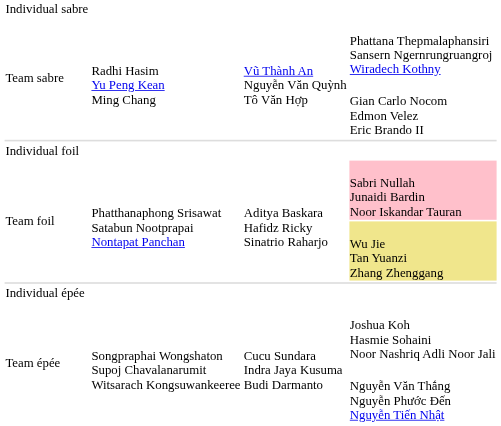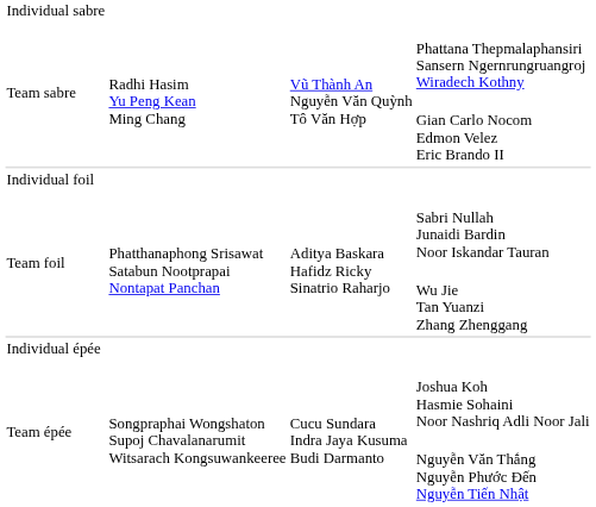 <table>
 <tr>
 <td rowspan=2>Individual sabre</td>
 <td rowspan=2></td>
 <td rowspan=2></td>
 <td></td>
 </tr>
 <tr>
 <td></td>
 </tr>
 <tr>
 <td rowspan=2>Team sabre</td>
 <td rowspan=2><br>Radhi Hasim<br><a href='#'>Yu Peng Kean</a><br>Ming Chang</td>
 <td rowspan=2> <br><a href='#'>Vũ Thành An</a><br>Nguyễn Văn Quỳnh<br>Tô Văn Hợp</td>
 <td nowrap=true><br>Phattana Thepmalaphansiri<br>Sansern Ngernrungruangroj<br><a href='#'>Wiradech Kothny</a></td>
 </tr>
 <tr>
 <td><br>Gian Carlo Nocom<br>Edmon Velez<br>Eric Brando II</td>
 </tr>
 <tr bgcolor=#DDDDDD>
 <td colspan=4></td>
 </tr>
 <tr>
 <td rowspan=2>Individual foil</td>
 <td rowspan=2></td>
 <td rowspan=2 nowrap=true></td>
 <td></td>
 </tr>
 <tr>
 <td></td>
 </tr>
 <tr>
 <td rowspan=2>Team foil</td>
 <td rowspan=2><br>Phatthanaphong Srisawat<br>Satabun Nootprapai<br><a href='#'>Nontapat Panchan</a></td>
 <td rowspan=2><br>Aditya Baskara<br>Hafidz Ricky<br>Sinatrio Raharjo</td>
-<td style="background: pink;"><br>Sabri Nullah<br>Junaidi Bardin<br>Noor Iskandar Tauran</td>
+<td><br>Sabri Nullah<br>Junaidi Bardin<br>Noor Iskandar Tauran</td>
 </tr>
 <tr>
-<td style="background: khaki;"><br>Wu Jie<br>Tan Yuanzi<br>Zhang Zhenggang</td>
+<td><br>Wu Jie<br>Tan Yuanzi<br>Zhang Zhenggang</td>
 </tr>
 <tr bgcolor=#DDDDDD>
 <td colspan=4></td>
 </tr>
 <tr>
 <td rowspan=2>Individual épée</td>
 <td rowspan=2></td>
 <td rowspan=2></td>
 <td></td>
 </tr>
 <tr>
 <td></td>
 </tr>
 <tr>
 <td rowspan=2>Team épée</td>
 <td nowrap=true rowspan=2><br>Songpraphai Wongshaton<br>Supoj Chavalanarumit<br>Witsarach Kongsuwankeeree</td>
 <td rowspan=2><br>Cucu Sundara<br>Indra Jaya Kusuma<br>Budi Darmanto</td>
 <td><br>Joshua Koh<br>Hasmie Sohaini<br>Noor Nashriq Adli Noor Jali</td>
 </tr>
 <tr>
 <td><br>Nguyễn Văn Thắng<br>Nguyễn Phước Đến<br><a href='#'>Nguyễn Tiến Nhật</a></td>
 </tr>
 </table>
